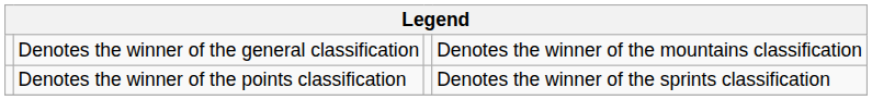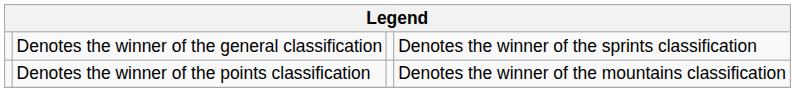 <table class="wikitable">
 <tr>
 <th colspan="4">Legend</th>
 </tr>
 <tr>
 <td></td>
 <td>Denotes the winner of the general classification</td>
 <td></td>
-<td>Denotes the winner of the mountains classification</td>
+<td>Denotes the winner of the sprints classification</td>
 </tr>
 <tr>
 <td></td>
 <td>Denotes the winner of the points classification</td>
 <td></td>
-<td>Denotes the winner of the sprints classification</td>
+<td>Denotes the winner of the mountains classification</td>
 </tr>
 <tr>
 </tr>
 </table>
